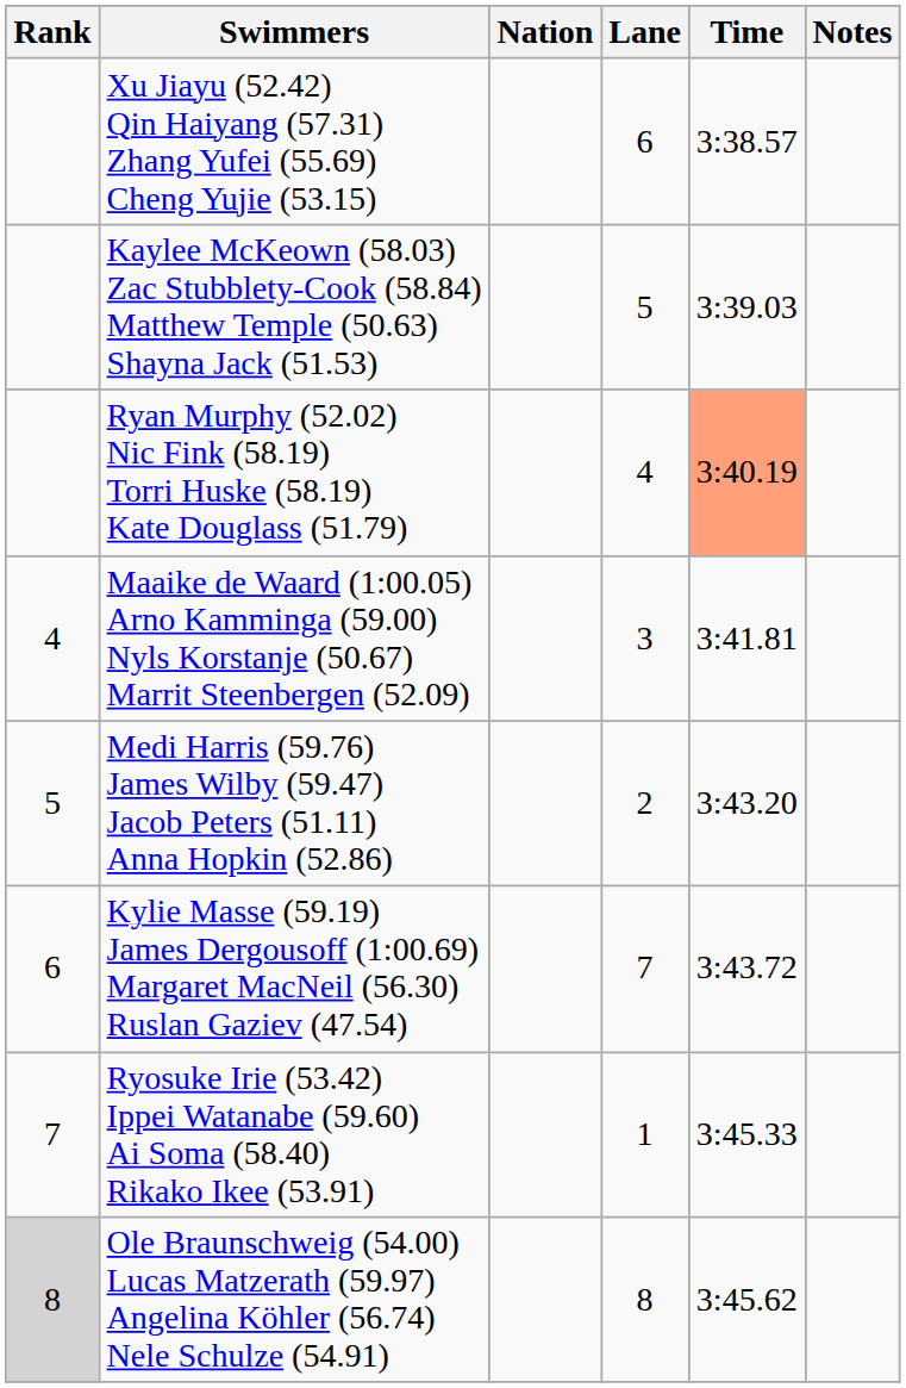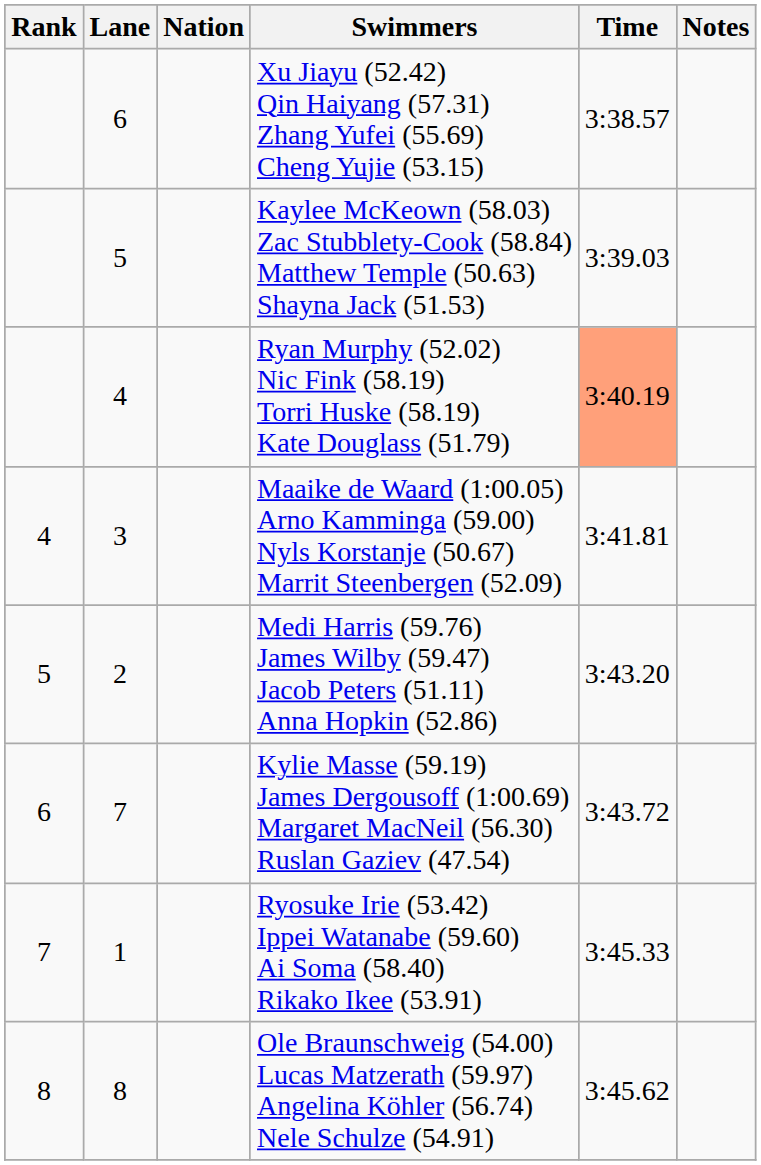 <table class="wikitable sortable" style="text-align:center">
 <tr>
 <th>Rank</th>
+<th>Lane</th>
+<th>Nation</th>
 <th>Swimmers</th>
-<th>Nation</th>
-<th>Lane</th>
 <th>Time</th>
 <th>Notes</th>
 </tr>
 <tr>
 <td></td>
+<td>6</td>
+<td align=left></td>
 <td align=left><a href='#'>Xu Jiayu</a> (52.42)<br><a href='#'>Qin Haiyang</a> (57.31)<br><a href='#'>Zhang Yufei</a> (55.69)<br><a href='#'>Cheng Yujie</a> (53.15)</td>
-<td align=left></td>
-<td>6</td>
 <td>3:38.57</td>
 <td></td>
 </tr>
 <tr>
 <td></td>
+<td>5</td>
+<td align=left></td>
 <td align=left><a href='#'>Kaylee McKeown</a> (58.03)<br><a href='#'>Zac Stubblety-Cook</a> (58.84)<br><a href='#'>Matthew Temple</a> (50.63)<br><a href='#'>Shayna Jack</a> (51.53)</td>
-<td align=left></td>
-<td>5</td>
 <td>3:39.03</td>
 <td></td>
 </tr>
 <tr>
 <td></td>
+<td>4</td>
+<td align=left></td>
 <td align=left><a href='#'>Ryan Murphy</a> (52.02)<br><a href='#'>Nic Fink</a> (58.19)<br><a href='#'>Torri Huske</a> (58.19)<br><a href='#'>Kate Douglass</a> (51.79)</td>
-<td align=left></td>
-<td>4</td>
 <td style="background: lightsalmon;">3:40.19</td>
 <td></td>
 </tr>
 <tr>
 <td>4</td>
+<td>3</td>
+<td align=left></td>
 <td align=left><a href='#'>Maaike de Waard</a> (1:00.05)<br><a href='#'>Arno Kamminga</a> (59.00)<br><a href='#'>Nyls Korstanje</a> (50.67)<br><a href='#'>Marrit Steenbergen</a> (52.09)</td>
-<td align=left></td>
-<td>3</td>
 <td>3:41.81</td>
 <td></td>
 </tr>
 <tr>
 <td>5</td>
+<td>2</td>
+<td align=left></td>
 <td align=left><a href='#'>Medi Harris</a> (59.76)<br><a href='#'>James Wilby</a> (59.47)<br><a href='#'>Jacob Peters</a> (51.11)<br><a href='#'>Anna Hopkin</a> (52.86)</td>
-<td align=left></td>
-<td>2</td>
 <td>3:43.20</td>
 <td></td>
 </tr>
 <tr>
 <td>6</td>
+<td>7</td>
+<td align=left></td>
 <td align=left><a href='#'>Kylie Masse</a> (59.19)<br><a href='#'>James Dergousoff</a> (1:00.69)<br><a href='#'>Margaret MacNeil</a> (56.30)<br><a href='#'>Ruslan Gaziev</a> (47.54)</td>
-<td align=left></td>
-<td>7</td>
 <td>3:43.72</td>
 <td></td>
 </tr>
 <tr>
 <td>7</td>
+<td>1</td>
+<td align=left></td>
 <td align=left><a href='#'>Ryosuke Irie</a> (53.42)<br><a href='#'>Ippei Watanabe</a> (59.60)<br><a href='#'>Ai Soma</a> (58.40)<br><a href='#'>Rikako Ikee</a> (53.91)</td>
-<td align=left></td>
-<td>1</td>
 <td>3:45.33</td>
 <td></td>
 </tr>
 <tr>
-<td style="background: lightgrey;">8</td>
+<td>8</td>
+<td>8</td>
+<td align=left></td>
 <td align=left><a href='#'>Ole Braunschweig</a> (54.00)<br><a href='#'>Lucas Matzerath</a> (59.97)<br><a href='#'>Angelina Köhler</a> (56.74)<br><a href='#'>Nele Schulze</a> (54.91)</td>
-<td align=left></td>
-<td>8</td>
 <td>3:45.62</td>
 <td></td>
 </tr>
 </table>
